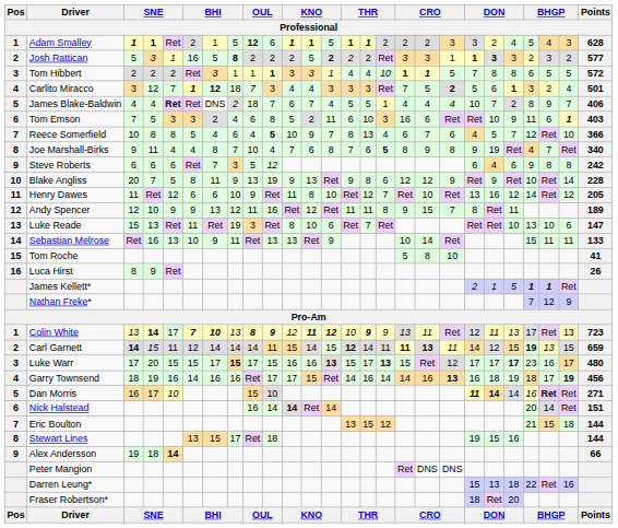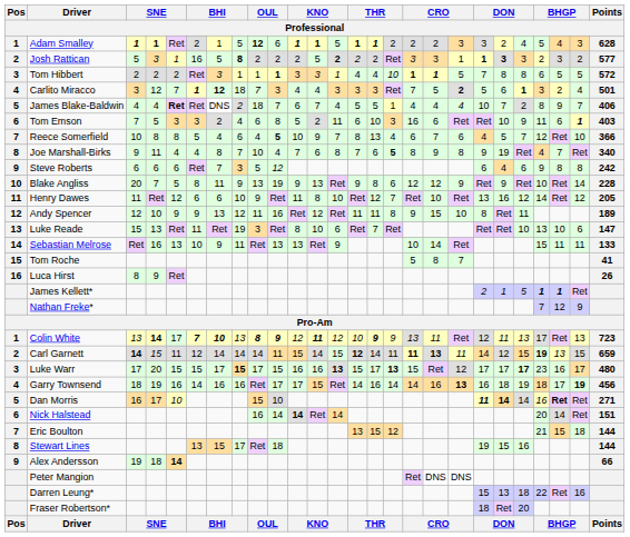 <table class="wikitable" style="font-size: 85%; text-align: center;">
 <tr valign="top">
 <th valign="middle">Pos</th>
 <th valign="middle">Driver</th>
 <th colspan="3"><a href='#'>SNE</a></th>
 <th colspan="3"><a href='#'>BHI</a></th>
 <th colspan="2"><a href='#'>OUL</a></th>
 <th colspan="3"><a href='#'>KNO</a></th>
 <th colspan="3"><a href='#'>THR</a></th>
 <th colspan="3"><a href='#'>CRO</a></th>
 <th colspan="3"><a href='#'>DON</a></th>
 <th colspan="3"><a href='#'>BHGP</a></th>
 <th valign="middle">Points</th>
 </tr>
 <tr>
 <th colspan=26>Professional</th>
 </tr>
 <tr>
 <th>1</th>
 <td align=left><a href='#'>Adam Smalley</a></td>
 <td style="background:#ffffbf;"><strong><em>1</em></strong></td>
 <td style="background:#ffffbf;"><strong>1</strong></td>
 <td style="background:#efcfff;”">Ret</td>
 <td style="background:#dfdfdf;">2</td>
 <td style="background:#ffffbf;">1</td>
 <td style="background:#dfffdf;">5</td>
 <td style="background:#dfffdf;"><strong>12</strong></td>
 <td style="background:#dfffdf;">6</td>
 <td style="background:#ffffbf;"><strong><em>1</em></strong></td>
 <td style="background:#ffffbf;"><strong>1</strong></td>
 <td style="background:#dfffdf;">5</td>
 <td style="background:#ffffbf;"><strong>1</strong></td>
 <td style="background:#ffffbf;"><strong><em>1</em></strong></td>
 <td style="background:#dfdfdf;">2</td>
 <td style="background:#dfdfdf;">2</td>
 <td style="background:#dfdfdf;">2</td>
 <td style="background:#ffdf9f;">3</td>
 <td style="background:#dfdfdf;">3</td>
 <td style="background:#ffffbf;">2</td>
 <td style="background:#dfffdf;">4</td>
 <td style="background:#dfffdf;">5</td>
 <td style="background:#ffdf9f;">4</td>
 <td style="background:#ffdf9f;">3</td>
 <th>628</th>
 </tr>
 <tr>
 <th>2</th>
 <td align=left><a href='#'>Josh Rattican</a></td>
 <td style="background:#dfffdf;">5</td>
 <td style="background:#ffdf9f;"><em>3</em></td>
 <td style="background:#ffffbf;"><em>1</em></td>
 <td style="background:#dfffdf;">16</td>
 <td style="background:#dfffdf;">5</td>
 <td style="background:#dfffdf;"><strong>8</strong></td>
 <td style="background:#dfdfdf;">2</td>
 <td style="background:#dfdfdf;">2</td>
 <td style="background:#dfdfdf;">2</td>
 <td style="background:#dfffdf;">5</td>
 <td style="background:#dfdfdf;"><strong>2</strong></td>
 <td style="background:#dfdfdf;"><em>2</em></td>
 <td style="background:#dfdfdf;">2</td>
 <td style="background:#efcfff;”">Ret</td>
 <td style="background:#ffdf9f;"><em>3</em></td>
 <td style="background:#ffdf9f;">3</td>
 <td style="background:#ffffbf;">1</td>
 <td style="background:#ffffbf;"><strong>1</strong></td>
 <td style="background:#dfdfdf;"><strong>3</strong></td>
 <td style="background:#ffdf9f;">3</td>
 <td style="background:#ffffbf;">2</td>
 <td style="background:#dfdfdf;">3</td>
 <td style="background:#dfdfdf;">2</td>
 <th>577</th>
 </tr>
 <tr>
 <th>3</th>
 <td align=left>Tom Hibbert</td>
 <td style="background:#dfdfdf;">2</td>
 <td style="background:#dfdfdf;">2</td>
 <td style="background:#dfdfdf;">2</td>
 <td style="background:#efcfff;”">Ret</td>
 <td style="background:#ffdf9f;"><em>3</em></td>
 <td style="background:#ffffbf;">1</td>
 <td style="background:#ffffbf;">1</td>
 <td style="background:#ffffbf;"><strong>1</strong></td>
 <td style="background:#ffdf9f;">3</td>
 <td style="background:#ffdf9f;"><em>3</em></td>
 <td style="background:#ffffbf;"><em>1</em></td>
 <td style="background:#dfffdf;">4</td>
 <td style="background:#dfffdf;">4</td>
 <td style="background:#dfffdf;"><em>10</em></td>
 <td style="background:#ffffbf;"><strong>1</strong></td>
 <td style="background:#ffffbf;"><strong><em>1</em></strong></td>
 <td style="background:#dfffdf;">5</td>
 <td style="background:#dfffdf;">7</td>
 <td style="background:#dfffdf;">8</td>
 <td style="background:#dfffdf;">8</td>
 <td style="background:#dfffdf;">6</td>
 <td style="background:#dfffdf;">5</td>
 <td style="background:#dfffdf;">5</td>
 <th>572</th>
 </tr>
 <tr>
 <th>4</th>
 <td align=left>Carlito Miracco</td>
 <td style="background:#ffdf9f;">3</td>
 <td style="background:#dfffdf;">12</td>
 <td style="background:#dfffdf;">7</td>
 <td style="background:#ffffbf;"><strong><em>1</em></strong></td>
 <td style="background:#dfffdf;"><strong>12</strong></td>
 <td style="background:#dfffdf;">18</td>
 <td style="background:#dfffdf;"><em>7</em></td>
 <td style="background:#ffdf9f;">3</td>
 <td style="background:#dfffdf;">4</td>
 <td style="background:#dfffdf;">4</td>
 <td style="background:#ffdf9f;">3</td>
 <td style="background:#ffdf9f;">3</td>
 <td style="background:#ffdf9f;">3</td>
 <td style="background:#efcfff;”">Ret</td>
 <td style="background:#dfffdf;">7</td>
 <td style="background:#dfffdf;">5</td>
 <td style="background:#dfdfdf;"><strong>2</strong></td>
 <td style="background:#dfffdf;">5</td>
 <td style="background:#dfffdf;">6</td>
 <td style="background:#ffffbf;"><strong>1</strong></td>
 <td style="background:#ffdf9f;">3</td>
 <td style="background:#ffffbf;">2</td>
 <td style="background:#dfffdf;">4</td>
 <th>501</th>
 </tr>
 <tr>
 <th>5</th>
 <td align=left nowrap>James Blake-Baldwin</td>
 <td style="background:#dfffdf;">4</td>
 <td style="background:#dfffdf;">4</td>
 <td style="background:#efcfff;”"><strong>Ret</strong></td>
 <td style="background:#efcfff;”">Ret</td>
 <td style="background:#ffffff;">DNS</td>
 <td style="background:#dfdfdf;"><em>2</em></td>
 <td style="background:#dfffdf;">18</td>
 <td style="background:#dfffdf;">7</td>
 <td style="background:#dfffdf;">6</td>
 <td style="background:#dfffdf;">7</td>
 <td style="background:#dfffdf;">4</td>
 <td style="background:#dfffdf;">5</td>
 <td style="background:#dfffdf;">5</td>
 <td style="background:#ffffbf;">1</td>
 <td style="background:#dfffdf;">4</td>
 <td style="background:#dfffdf;">4</td>
 <td style="background:#dfffdf;"><em>4</em></td>
 <td style="background:#dfffdf;">10</td>
 <td style="background:#dfffdf;">7</td>
 <td style="background:#dfdfdf;">2</td>
 <td style="background:#dfffdf;">8</td>
 <td style="background:#dfffdf;">9</td>
 <td style="background:#dfffdf;">7</td>
 <th>406</th>
 </tr>
 <tr>
 <th>6</th>
 <td align=left>Tom Emson</td>
 <td style="background:#dfffdf;">7</td>
 <td style="background:#dfffdf;">5</td>
 <td style="background:#ffdf9f;">3</td>
 <td style="background:#ffdf9f;">3</td>
 <td style="background:#dfdfdf;">2</td>
 <td style="background:#dfffdf;">4</td>
 <td style="background:#dfffdf;">6</td>
 <td style="background:#dfffdf;">8</td>
 <td style="background:#dfffdf;">5</td>
 <td style="background:#dfdfdf;">2</td>
 <td style="background:#dfffdf;">11</td>
 <td style="background:#dfffdf;">6</td>
 <td style="background:#dfffdf;">10</td>
 <td style="background:#ffdf9f;">3</td>
 <td style="background:#dfffdf;">16</td>
 <td style="background:#dfffdf;">6</td>
 <td style="background:#efcfff;”">Ret</td>
 <td style="background:#efcfff;”">Ret</td>
 <td style="background:#dfffdf;">10</td>
 <td style="background:#dfffdf;">9</td>
 <td style="background:#dfffdf;">11</td>
 <td style="background:#dfffdf;">6</td>
 <td style="background:#ffffbf;"><strong><em>1</em></strong></td>
 <th>403</th>
 </tr>
 <tr>
 <th>7</th>
 <td align=left>Reece Somerfield</td>
 <td style="background:#dfffdf;">10</td>
 <td style="background:#dfffdf;">8</td>
 <td style="background:#dfffdf;">8</td>
 <td style="background:#dfffdf;">5</td>
 <td style="background:#dfffdf;">4</td>
 <td style="background:#dfffdf;">6</td>
 <td style="background:#dfffdf;">4</td>
 <td style="background:#dfffdf;"><strong>5</strong></td>
 <td style="background:#dfffdf;">10</td>
 <td style="background:#dfffdf;">9</td>
 <td style="background:#dfffdf;">7</td>
 <td style="background:#dfffdf;">8</td>
 <td style="background:#dfffdf;">13</td>
 <td style="background:#dfffdf;">4</td>
 <td style="background:#dfffdf;">6</td>
 <td style="background:#dfffdf;">7</td>
 <td style="background:#dfffdf;">6</td>
 <td style="background:#ffdf9f;">4</td>
 <td style="background:#dfffdf;">5</td>
 <td style="background:#dfffdf;">7</td>
 <td style="background:#dfffdf;">12</td>
 <td style="background:#efcfff;”">Ret</td>
 <td style="background:#dfffdf;">10</td>
 <th>366</th>
 </tr>
 <tr>
 <th>8</th>
 <td align=left>Joe Marshall-Birks</td>
 <td style="background:#dfffdf;">9</td>
 <td style="background:#dfffdf;">11</td>
 <td style="background:#dfffdf;">4</td>
 <td style="background:#dfffdf;">4</td>
 <td style="background:#dfffdf;">8</td>
 <td style="background:#dfffdf;">7</td>
 <td style="background:#dfffdf;">10</td>
 <td style="background:#dfffdf;">4</td>
 <td style="background:#dfffdf;">7</td>
 <td style="background:#dfffdf;">6</td>
 <td style="background:#dfffdf;">8</td>
 <td style="background:#dfffdf;">7</td>
 <td style="background:#dfffdf;">6</td>
 <td style="background:#dfffdf;"><strong>5</strong></td>
 <td style="background:#dfffdf;">8</td>
 <td style="background:#dfffdf;">9</td>
 <td style="background:#dfffdf;">8</td>
 <td style="background:#dfffdf;">9</td>
 <td style="background:#dfffdf;">19</td>
 <td style="background:#efcfff;”">Ret</td>
 <td style="background:#ffdf9f;">4</td>
 <td style="background:#dfffdf;">7</td>
 <td style="background:#efcfff;”">Ret</td>
 <th>340</th>
 </tr>
 <tr>
 <th>9</th>
 <td align=left>Steve Roberts</td>
 <td style="background:#dfffdf;">6</td>
 <td style="background:#dfffdf;">6</td>
 <td style="background:#dfffdf;">6</td>
 <td style="background:#efcfff;”">Ret</td>
 <td style="background:#dfffdf;">7</td>
 <td style="background:#ffdf9f;">3</td>
 <td style="background:#dfffdf;">5</td>
 <td style="background:#dfffdf;"><em>12</em></td>
 <td></td>
 <td></td>
 <td></td>
 <td></td>
 <td></td>
 <td></td>
 <td></td>
 <td></td>
 <td></td>
 <td style="background:#dfffdf;">6</td>
 <td style="background:#ffdf9f;">4</td>
 <td style="background:#dfffdf;">6</td>
 <td style="background:#dfffdf;">9</td>
 <td style="background:#dfffdf;">8</td>
 <td style="background:#dfffdf;">8</td>
 <th>242</th>
 </tr>
 <tr>
 <th>10</th>
 <td align=left>Blake Angliss</td>
 <td style="background:#dfffdf;">20</td>
 <td style="background:#dfffdf;">7</td>
 <td style="background:#dfffdf;">5</td>
 <td style="background:#dfffdf;">8</td>
 <td style="background:#dfffdf;">11</td>
 <td style="background:#dfffdf;">9</td>
 <td style="background:#dfffdf;">13</td>
 <td style="background:#dfffdf;">19</td>
 <td style="background:#dfffdf;">9</td>
 <td style="background:#dfffdf;">13</td>
 <td style="background:#efcfff;”">Ret</td>
 <td style="background:#dfffdf;">9</td>
 <td style="background:#dfffdf;">8</td>
 <td style="background:#dfffdf;">6</td>
 <td style="background:#dfffdf;">12</td>
 <td style="background:#dfffdf;">12</td>
 <td style="background:#dfffdf;">9</td>
 <td style="background:#efcfff;”">Ret</td>
 <td style="background:#dfffdf;">9</td>
 <td style="background:#efcfff;”">Ret</td>
 <td style="background:#dfffdf;">10</td>
 <td style="background:#efcfff;”">Ret</td>
 <td style="background:#dfffdf;">14</td>
 <th>228</th>
 </tr>
 <tr>
 <th>11</th>
 <td align=left>Henry Dawes</td>
 <td style="background:#dfffdf;">11</td>
 <td style="background:#efcfff;”">Ret</td>
 <td style="background:#dfffdf;">12</td>
 <td style="background:#dfffdf;">6</td>
 <td style="background:#dfffdf;">6</td>
 <td style="background:#dfffdf;">10</td>
 <td style="background:#dfffdf;">9</td>
 <td style="background:#efcfff;”">Ret</td>
 <td style="background:#dfffdf;">11</td>
 <td style="background:#dfffdf;">8</td>
 <td style="background:#dfffdf;">10</td>
 <td style="background:#efcfff;”">Ret</td>
 <td style="background:#dfffdf;">12</td>
 <td style="background:#dfffdf;">7</td>
 <td style="background:#efcfff;”">Ret</td>
 <td style="background:#dfffdf;">10</td>
 <td style="background:#efcfff;”">Ret</td>
 <td style="background:#dfffdf;">13</td>
 <td style="background:#dfffdf;">16</td>
 <td style="background:#dfffdf;">12</td>
 <td style="background:#dfffdf;">14</td>
 <td style="background:#efcfff;”">Ret</td>
 <td style="background:#dfffdf;">12</td>
 <th>205</th>
 </tr>
 <tr>
 <th>12</th>
 <td align=left>Andy Spencer</td>
 <td style="background:#dfffdf;">12</td>
 <td style="background:#dfffdf;">10</td>
 <td style="background:#dfffdf;">9</td>
 <td style="background:#dfffdf;">9</td>
 <td style="background:#dfffdf;">13</td>
 <td style="background:#dfffdf;">12</td>
 <td style="background:#dfffdf;">11</td>
 <td style="background:#dfffdf;">16</td>
 <td style="background:#efcfff;”">Ret</td>
 <td style="background:#dfffdf;">12</td>
 <td style="background:#efcfff;”">Ret</td>
 <td style="background:#dfffdf;">11</td>
 <td style="background:#dfffdf;">11</td>
 <td style="background:#dfffdf;">8</td>
 <td style="background:#dfffdf;">9</td>
 <td style="background:#dfffdf;">15</td>
-<td style="background:#dfffdf;">7</td>
+<td style="background:#dfffdf;">10</td>
 <td style="background:#dfffdf;">8</td>
 <td style="background:#efcfff;”">Ret</td>
 <td style="background:#dfffdf;">11</td>
 <td></td>
 <td></td>
 <td></td>
 <th>189</th>
 </tr>
 <tr>
 <th>13</th>
 <td align=left>Luke Reade</td>
 <td style="background:#dfffdf;">15</td>
 <td style="background:#dfffdf;">13</td>
 <td style="background:#efcfff;”">Ret</td>
 <td style="background:#dfffdf;">11</td>
 <td style="background:#efcfff;”">Ret</td>
 <td style="background:#dfffdf;">19</td>
 <td style="background:#ffdf9f;">3</td>
 <td style="background:#efcfff;”">Ret</td>
 <td style="background:#dfffdf;">8</td>
 <td style="background:#dfffdf;">10</td>
 <td style="background:#dfffdf;">6</td>
 <td style="background:#efcfff;”">Ret</td>
 <td style="background:#dfffdf;">7</td>
 <td style="background:#efcfff;”">Ret</td>
 <td></td>
 <td></td>
 <td></td>
 <td style="background:#efcfff;”">Ret</td>
 <td style="background:#efcfff;”">Ret</td>
 <td style="background:#dfffdf;">10</td>
 <td style="background:#dfffdf;">13</td>
 <td style="background:#dfffdf;">10</td>
 <td style="background:#dfffdf;">6</td>
 <th>147</th>
 </tr>
 <tr>
 <th>14</th>
 <td align=left><a href='#'>Sebastian Melrose</a></td>
 <td style="background:#efcfff;”">Ret</td>
 <td style="background:#dfffdf;">16</td>
 <td style="background:#dfffdf;">13</td>
 <td style="background:#dfffdf;">10</td>
 <td style="background:#dfffdf;">9</td>
 <td style="background:#dfffdf;">11</td>
 <td style="background:#efcfff;”">Ret</td>
 <td style="background:#dfffdf;">13</td>
 <td style="background:#dfffdf;">13</td>
 <td style="background:#efcfff;”">Ret</td>
 <td style="background:#dfffdf;">9</td>
 <td></td>
 <td></td>
 <td></td>
 <td style="background:#dfffdf;">10</td>
 <td style="background:#dfffdf;">14</td>
 <td style="background:#efcfff;”">Ret</td>
 <td></td>
 <td></td>
 <td></td>
 <td style="background:#dfffdf;">15</td>
 <td style="background:#dfffdf;">11</td>
 <td style="background:#dfffdf;">11</td>
 <th>133</th>
 </tr>
 <tr>
 <th>15</th>
 <td align=left>Tom Roche</td>
 <td></td>
 <td></td>
 <td></td>
 <td></td>
 <td></td>
 <td></td>
 <td></td>
 <td></td>
 <td></td>
 <td></td>
 <td></td>
 <td></td>
 <td></td>
 <td></td>
 <td style="background:#dfffdf;">5</td>
 <td style="background:#dfffdf;">8</td>
-<td style="background:#dfffdf;">10</td>
+<td style="background:#dfffdf;">7</td>
 <td></td>
 <td></td>
 <td></td>
 <td></td>
 <td></td>
 <td></td>
 <th>41</th>
 </tr>
 <tr>
 <th>16</th>
 <td align=left>Luca Hirst</td>
 <td style="background:#dfffdf;">8</td>
 <td style="background:#dfffdf;">9</td>
 <td style="background:#efcfff;”">Ret</td>
 <td></td>
 <td></td>
 <td></td>
 <td></td>
 <td></td>
 <td></td>
 <td></td>
 <td></td>
 <td></td>
 <td></td>
 <td></td>
 <td></td>
 <td></td>
 <td></td>
 <td></td>
 <td></td>
 <td></td>
 <td></td>
 <td></td>
 <td></td>
 <th>26</th>
 </tr>
 <tr>
 <th></th>
 <td align=left>James Kellett*</td>
 <td></td>
 <td></td>
 <td></td>
 <td></td>
 <td></td>
 <td></td>
 <td></td>
 <td></td>
 <td></td>
 <td></td>
 <td></td>
 <td></td>
 <td></td>
 <td></td>
 <td></td>
 <td></td>
 <td></td>
 <td style="background:#cfcfff;”"><em>2</em></td>
 <td style="background:#cfcfff;”"><em>1</em></td>
 <td style="background:#cfcfff;”"><em>5</em></td>
 <td style="background:#cfcfff;”"><strong><em>1</em></strong></td>
 <td style="background:#cfcfff;”"><strong><em>1</em></strong></td>
 <td style="background:#efcfff;”">Ret</td>
 <th></th>
 </tr>
 <tr>
 <th></th>
 <td align=left><a href='#'>Nathan Freke</a>*</td>
 <td></td>
 <td></td>
 <td></td>
 <td></td>
 <td></td>
 <td></td>
 <td></td>
 <td></td>
 <td></td>
 <td></td>
 <td></td>
 <td></td>
 <td></td>
 <td></td>
 <td></td>
 <td></td>
 <td></td>
 <td></td>
 <td></td>
 <td></td>
 <td style="background:#cfcfff;”">7</td>
 <td style="background:#cfcfff;”">12</td>
 <td style="background:#cfcfff;”">9</td>
 <th></th>
 </tr>
 <tr>
 <th colspan=26>Pro-Am</th>
 </tr>
 <tr>
 <th>1</th>
 <td align=left><a href='#'>Colin White</a></td>
 <td style="background:#ffffbf;"><em>13</em></td>
 <td style="background:#ffffbf;"><strong>14</strong></td>
 <td style="background:#dfffdf;">17</td>
 <td style="background:#ffffbf;"><strong><em>7</em></strong></td>
 <td style="background:#ffffbf;"><strong><em>10</em></strong></td>
 <td style="background:#ffffbf;"><em>13</em></td>
 <td style="background:#ffffbf;"><strong><em>8</em></strong></td>
 <td style="background:#ffffbf;"><strong><em>9</em></strong></td>
 <td style="background:#ffffbf;"><em>12</em></td>
 <td style="background:#ffffbf;"><strong><em>11</em></strong></td>
-<td style="background:#ffffbf;"><strong><em>12</em></strong></td>
+<td style="background:#ffffbf;"><em>12</em></td>
 <td style="background:#ffffbf;"><em>10</em></td>
 <td style="background:#ffffbf;"><strong><em>9</em></strong></td>
 <td style="background:#ffffbf;"><em>9</em></td>
 <td style="background:#dfdfdf;"><em>13</em></td>
 <td style="background:#ffffbf;"><em>11</em></td>
 <td style="background:#efcfff;”">Ret</td>
 <td style="background:#dfdfdf;">12</td>
 <td style="background:#ffffbf;"><em>11</em></td>
 <td style="background:#ffffbf;"><em>13</em></td>
 <td style="background:#dfdfdf;">17</td>
 <td style="background:#efcfff;”">Ret</td>
 <td style="background:#ffffbf;">13</td>
 <th>723</th>
 </tr>
 <tr>
 <th>2</th>
 <td align=left>Carl Garnett</td>
 <td style="background:#dfdfdf;"><strong>14</strong></td>
 <td style="background:#dfdfdf;"><em>15</em></td>
 <td style="background:#dfdfdf;">11</td>
 <td style="background:#dfdfdf;">12</td>
 <td style="background:#dfdfdf;">14</td>
 <td style="background:#dfdfdf;">14</td>
 <td style="background:#dfdfdf;">14</td>
 <td style="background:#ffdf9f;">11</td>
 <td style="background:#ffdf9f;">15</td>
 <td style="background:#dfdfdf;">14</td>
 <td style="background:#dfffdf;">15</td>
 <td style="background:#dfdfdf;"><strong>12</strong></td>
 <td style="background:#dfdfdf;">14</td>
 <td style="background:#dfdfdf;">11</td>
 <td style="background:#ffffbf;"><strong>11</strong></td>
 <td style="background:#dfdfdf;"><strong>13</strong></td>
 <td style="background:#ffffbf;"><em>11</em></td>
 <td style="background:#ffdf9f;">14</td>
 <td style="background:#dfdfdf;">12</td>
 <td style="background:#ffdf9f;">15</td>
 <td style="background:#dfffdf;"><strong>19</strong></td>
 <td style="background:#ffffbf;"><em>13</em></td>
 <td style="background:#dfdfdf;">15</td>
 <th>659</th>
 </tr>
 <tr>
 <th>3</th>
 <td align=left>Luke Warr</td>
 <td style="background:#dfffdf;">17</td>
 <td style="background:#dfffdf;">20</td>
 <td style="background:#dfffdf;">15</td>
 <td style="background:#dfffdf;">15</td>
 <td style="background:#dfffdf;">17</td>
 <td style="background:#ffdf9f;"><strong>15</strong></td>
 <td style="background:#dfffdf;">17</td>
 <td style="background:#dfffdf;">15</td>
 <td style="background:#dfffdf;">16</td>
 <td style="background:#dfffdf;">16</td>
 <td style="background:#dfdfdf;"><strong>13</strong></td>
 <td style="background:#dfffdf;">15</td>
 <td style="background:#dfffdf;">17</td>
 <td style="background:#dfffdf;"><strong>13</strong></td>
 <td style="background:#dfffdf;">15</td>
 <td style="background:#efcfff;”">Ret</td>
 <td style="background:#dfdfdf;">12</td>
 <td style="background:#dfffdf;">17</td>
 <td style="background:#dfffdf;">17</td>
 <td style="background:#dfffdf;"><strong>17</strong></td>
 <td style="background:#dfffdf;">23</td>
 <td style="background:#dfffdf;">16</td>
 <td style="background:#ffdf9f;">17</td>
 <th>480</th>
 </tr>
 <tr>
 <th>4</th>
 <td align=left>Garry Townsend</td>
 <td style="background:#dfffdf;">18</td>
 <td style="background:#dfffdf;">19</td>
 <td style="background:#dfffdf;">16</td>
 <td style="background:#dfffdf;">14</td>
 <td style="background:#dfffdf;">16</td>
 <td style="background:#dfffdf;">16</td>
 <td style="background:#efcfff;”">Ret</td>
 <td style="background:#dfffdf;">17</td>
 <td style="background:#dfffdf;">17</td>
 <td style="background:#ffdf9f;">15</td>
 <td style="background:#efcfff;”">Ret</td>
 <td style="background:#dfffdf;">14</td>
 <td style="background:#dfffdf;">16</td>
 <td style="background:#dfffdf;">14</td>
 <td style="background:#ffdf9f;">14</td>
 <td style="background:#ffdf9f;">16</td>
 <td style="background:#ffdf9f;"><strong>13</strong></td>
 <td style="background:#dfffdf;">16</td>
 <td style="background:#dfffdf;">18</td>
 <td style="background:#dfffdf;">19</td>
 <td style="background:#ffdf9f;">18</td>
 <td style="background:#dfffdf;">17</td>
 <td style="background:#dfffdf;"><strong>19</strong></td>
 <th>456</th>
 </tr>
 <tr>
 <th>5</th>
 <td align=left>Dan Morris</td>
 <td style="background:#ffdf9f;">16</td>
 <td style="background:#ffdf9f;">17</td>
 <td style="background:#ffffbf;"><em>10</em></td>
 <td></td>
 <td></td>
 <td></td>
 <td style="background:#ffdf9f;">15</td>
 <td style="background:#dfdfdf;">10</td>
 <td></td>
 <td></td>
 <td></td>
 <td></td>
 <td></td>
 <td></td>
 <td></td>
 <td></td>
 <td></td>
 <td style="background:#ffffbf;"><strong><em>11</em></strong></td>
 <td style="background:#ffdf9f;"><strong>14</strong></td>
 <td style="background:#dfdfdf;">14</td>
 <td style="background:#ffffbf;"><em>16</em></td>
 <td style="background:#efcfff;”"><strong>Ret</strong></td>
 <td style="background:#efcfff;”">Ret</td>
 <th>271</th>
 </tr>
 <tr>
 <th>6</th>
 <td align=left><a href='#'>Nick Halstead</a></td>
 <td></td>
 <td></td>
 <td></td>
 <td></td>
 <td></td>
 <td></td>
 <td style="background:#dfffdf;">16</td>
 <td style="background:#dfffdf;">14</td>
 <td style="background:#dfdfdf;"><strong>14</strong></td>
 <td style="background:#efcfff;”">Ret</td>
 <td style="background:#ffdf9f;">14</td>
 <td></td>
 <td></td>
 <td></td>
 <td></td>
 <td></td>
 <td></td>
 <td></td>
 <td></td>
 <td></td>
 <td style="background:#dfffdf;">20</td>
 <td style="background:#dfdfdf;">14</td>
 <td style="background:#efcfff;”">Ret</td>
 <th>151</th>
 </tr>
 <tr>
 <th>7</th>
 <td align=left>Eric Boulton</td>
 <td></td>
 <td></td>
 <td></td>
 <td></td>
 <td></td>
 <td></td>
 <td></td>
 <td></td>
 <td></td>
 <td></td>
 <td></td>
 <td style="background:#ffdf9f;">13</td>
 <td style="background:#ffdf9f;">15</td>
 <td style="background:#ffdf9f;">12</td>
 <td></td>
 <td></td>
 <td></td>
 <td></td>
 <td></td>
 <td></td>
 <td style="background:#dfffdf;">21</td>
 <td style="background:#ffdf9f;">15</td>
 <td style="background:#dfffdf;">18</td>
 <th>144</th>
 </tr>
 <tr>
 <th>8</th>
 <td align=left><a href='#'>Stewart Lines</a></td>
 <td></td>
 <td></td>
 <td></td>
 <td style="background:#ffdf9f;">13</td>
 <td style="background:#ffdf9f;">15</td>
 <td style="background:#dfffdf;">17</td>
 <td style="background:#efcfff;”">Ret</td>
 <td style="background:#dfffdf;">18</td>
 <td></td>
 <td></td>
 <td></td>
 <td></td>
 <td></td>
 <td></td>
 <td></td>
 <td></td>
 <td></td>
 <td style="background:#dfffdf;">19</td>
 <td style="background:#dfffdf;">15</td>
 <td style="background:#dfffdf;">16</td>
 <td></td>
 <td></td>
 <td></td>
 <th>144</th>
 </tr>
 <tr>
 <th>9</th>
 <td align=left>Alex Andersson</td>
 <td style="background:#dfffdf;">19</td>
 <td style="background:#dfffdf;">18</td>
 <td style="background:#ffdf9f;"><strong>14</strong></td>
 <td></td>
 <td></td>
 <td></td>
 <td></td>
 <td></td>
 <td></td>
 <td></td>
 <td></td>
 <td></td>
 <td></td>
 <td></td>
 <td></td>
 <td></td>
 <td></td>
 <td></td>
 <td></td>
 <td></td>
 <td></td>
 <td></td>
 <td></td>
 <th>66</th>
 </tr>
 <tr>
 <th></th>
 <td align=left>Peter Mangion</td>
 <td></td>
 <td></td>
 <td></td>
 <td></td>
 <td></td>
 <td></td>
 <td></td>
 <td></td>
 <td></td>
 <td></td>
 <td></td>
 <td></td>
 <td></td>
 <td></td>
 <td style="background:#efcfff;”">Ret</td>
 <td style="background:#ffffff;”">DNS</td>
 <td style="background:#ffffff;”">DNS</td>
 <td></td>
 <td></td>
 <td></td>
 <td></td>
 <td></td>
 <td></td>
 <th></th>
 </tr>
 <tr>
 <th></th>
 <td align=left>Darren Leung*</td>
 <td></td>
 <td></td>
 <td></td>
 <td></td>
 <td></td>
 <td></td>
 <td></td>
 <td></td>
 <td></td>
 <td></td>
 <td></td>
 <td></td>
 <td></td>
 <td></td>
 <td></td>
 <td></td>
 <td></td>
 <td style="background:#cfcfff;”">15</td>
 <td style="background:#cfcfff;”">13</td>
 <td style="background:#cfcfff;”">18</td>
 <td style="background:#cfcfff;”">22</td>
 <td style="background:#efcfff;”">Ret</td>
 <td style="background:#cfcfff;”">16</td>
 <th></th>
 </tr>
 <tr>
 <th></th>
 <td align=left>Fraser Robertson*</td>
 <td></td>
 <td></td>
 <td></td>
 <td></td>
 <td></td>
 <td></td>
 <td></td>
 <td></td>
 <td></td>
 <td></td>
 <td></td>
 <td></td>
 <td></td>
 <td></td>
 <td></td>
 <td></td>
 <td></td>
 <td style="background:#cfcfff;”">18</td>
 <td style="background:#efcfff;”">Ret</td>
 <td style="background:#cfcfff;”">20</td>
 <td></td>
 <td></td>
 <td></td>
 <th></th>
 </tr>
 <tr>
 <th valign="middle">Pos</th>
 <th valign="middle">Driver</th>
 <th colspan="3"><a href='#'>SNE</a></th>
 <th colspan="3"><a href='#'>BHI</a></th>
 <th colspan="2"><a href='#'>OUL</a></th>
 <th colspan="3"><a href='#'>KNO</a></th>
 <th colspan="3"><a href='#'>THR</a></th>
 <th colspan="3"><a href='#'>CRO</a></th>
 <th colspan="3"><a href='#'>DON</a></th>
 <th colspan="3"><a href='#'>BHGP</a></th>
 <th valign="middle">Points</th>
 </tr>
 </table>
